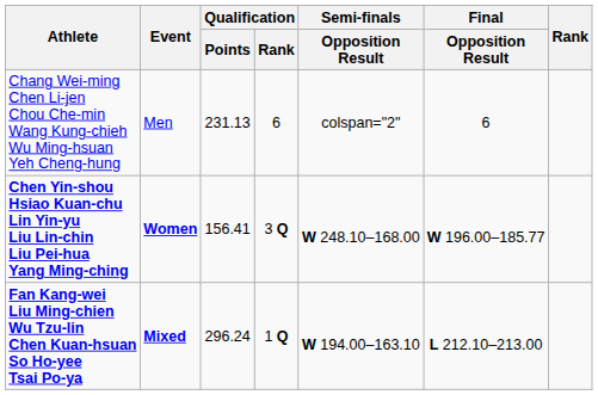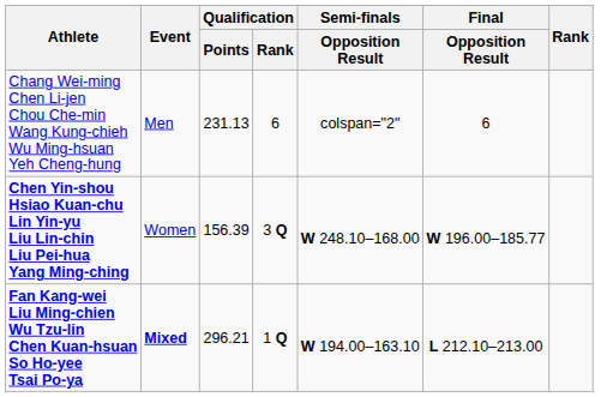 <table class="wikitable" style="font-size:90%; text-align:center">
 <tr>
 <th rowspan="2">Athlete</th>
 <th rowspan="2">Event</th>
 <th colspan="2">Qualification</th>
 <th>Semi-finals</th>
 <th>Final</th>
 <th rowspan="2">Rank</th>
 </tr>
 <tr>
 <th>Points</th>
 <th>Rank</th>
 <th>Opposition<br>Result</th>
 <th>Opposition<br>Result</th>
 </tr>
 <tr>
 <td align="left"><a href='#'>Chang Wei-ming</a><br><a href='#'>Chen Li-jen</a><br><a href='#'>Chou Che-min</a><br><a href='#'>Wang Kung-chieh</a><br><a href='#'>Wu Ming-hsuan</a><br><a href='#'>Yeh Cheng-hung</a></td>
 <td align="left"><a href='#'>Men</a></td>
 <td>231.13</td>
 <td>6</td>
 <td>colspan="2" </td>
 <td>6</td>
 </tr>
 <tr>
 <td align="left"><strong><a href='#'>Chen Yin-shou</a><br><a href='#'>Hsiao Kuan-chu</a><br><a href='#'>Lin Yin-yu</a><br><a href='#'>Liu Lin-chin</a><br><a href='#'>Liu Pei-hua</a><br><a href='#'>Yang Ming-ching</a></strong></td>
-<td align="left"><strong><a href='#'>Women</a></strong></td>
-<td>156.41</td>
+<td align="left"><a href='#'>Women</a></td>
+<td>156.39</td>
 <td>3 <strong>Q</strong></td>
 <td><br><strong>W</strong> 248.10–168.00</td>
 <td><br><strong>W</strong> 196.00–185.77</td>
 <td></td>
 </tr>
 <tr>
 <td align="left"><strong><a href='#'>Fan Kang-wei</a><br><a href='#'>Liu Ming-chien</a><br><a href='#'>Wu Tzu-lin</a><br><a href='#'>Chen Kuan-hsuan</a><br><a href='#'>So Ho-yee</a><br><a href='#'>Tsai Po-ya</a></strong></td>
 <td align="left"><strong><a href='#'>Mixed</a></strong></td>
-<td>296.24</td>
+<td>296.21</td>
 <td>1 <strong>Q</strong></td>
 <td><br><strong>W</strong> 194.00–163.10</td>
 <td><br><strong>L</strong> 212.10–213.00</td>
 <td></td>
 </tr>
 </table>
